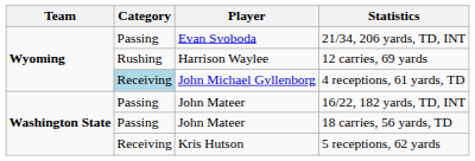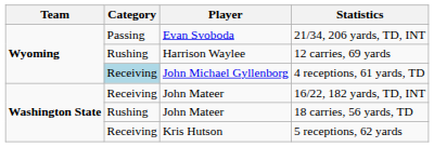 <table class="wikitable" style="float: right;">
 <tr>
 <th>Team</th>
 <th>Category</th>
 <th>Player</th>
 <th>Statistics</th>
 </tr>
 <tr>
 <td rowspan=3><strong>Wyoming</strong></td>
 <td>Passing</td>
 <td><a href='#'>Evan Svoboda</a></td>
 <td>21/34, 206 yards, TD, INT</td>
 </tr>
 <tr>
 <td>Rushing</td>
 <td>Harrison Waylee</td>
 <td>12 carries, 69 yards</td>
 </tr>
 <tr>
 <td style="background: lightblue;">Receiving</td>
 <td><a href='#'>John Michael Gyllenborg</a></td>
 <td>4 receptions, 61 yards, TD</td>
 </tr>
 <tr>
 <td rowspan=3><strong>Washington State</strong></td>
-<td>Passing</td>
+<td>Receiving</td>
 <td>John Mateer</td>
 <td>16/22, 182 yards, TD, INT</td>
 </tr>
 <tr>
-<td>Passing</td>
+<td>Rushing</td>
 <td>John Mateer</td>
 <td>18 carries, 56 yards, TD</td>
 </tr>
 <tr>
 <td>Receiving</td>
 <td>Kris Hutson</td>
 <td>5 receptions, 62 yards</td>
 </tr>
 </table>
